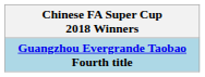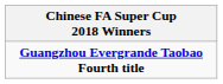 <table class="wikitable" style="text-align: center; margin: 0 auto; width: 20%">
 <tr>
 <th>Chinese FA Super Cup<br>2018 Winners</th>
 </tr>
 <tr>
-<td style="background: lightblue;"><strong><a href='#'>Guangzhou Evergrande Taobao</a></strong><br><strong>Fourth title</strong></td>
+<td><strong><a href='#'>Guangzhou Evergrande Taobao</a></strong><br><strong>Fourth title</strong></td>
 </tr>
 </table>
